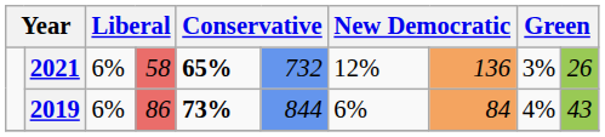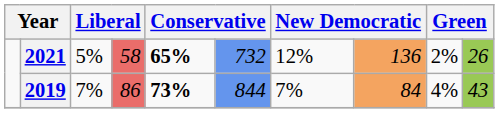 <table class="wikitable" style="float:right; width:400; font-size:90%; margin-right:1em;">
 <tr>
 <th colspan="2" scope="col">Year</th>
 <th colspan="2" scope="col"><a href='#'>Liberal</a></th>
 <th colspan="2" scope="col"><a href='#'>Conservative</a></th>
 <th colspan="2" scope="col"><a href='#'>New Democratic</a></th>
 <th colspan="2" scope="col"><a href='#'>Green</a></th>
 </tr>
 <tr>
 <td rowspan="2" style="width: 0.25em; background-color: "></td>
 <th><a href='#'>2021</a></th>
-<td>6%</td>
+<td>5%</td>
 <td style="text-align:right; background:#EA6D6A;"><em>58</em></td>
 <td><strong>65%</strong></td>
 <td style="text-align:right; background:#6495ED;"><em>732</em></td>
 <td>12%</td>
 <td style="text-align:right; background:#F4A460;"><em>136</em></td>
-<td>3%</td>
+<td>2%</td>
 <td style="text-align:right; background:#99C955;"><em>26</em></td>
 </tr>
 <tr>
 <th><a href='#'>2019</a></th>
-<td>6%</td>
+<td>7%</td>
 <td style="text-align:right; background:#EA6D6A;"><em>86</em></td>
 <td><strong>73%</strong></td>
 <td style="text-align:right; background:#6495ED;"><em>844</em></td>
-<td>6%</td>
+<td>7%</td>
 <td style="text-align:right; background:#F4A460;"><em>84</em></td>
 <td>4%</td>
 <td style="text-align:right; background:#99C955;"><em>43</em></td>
 </tr>
 <tr>
 </tr>
 </table>
